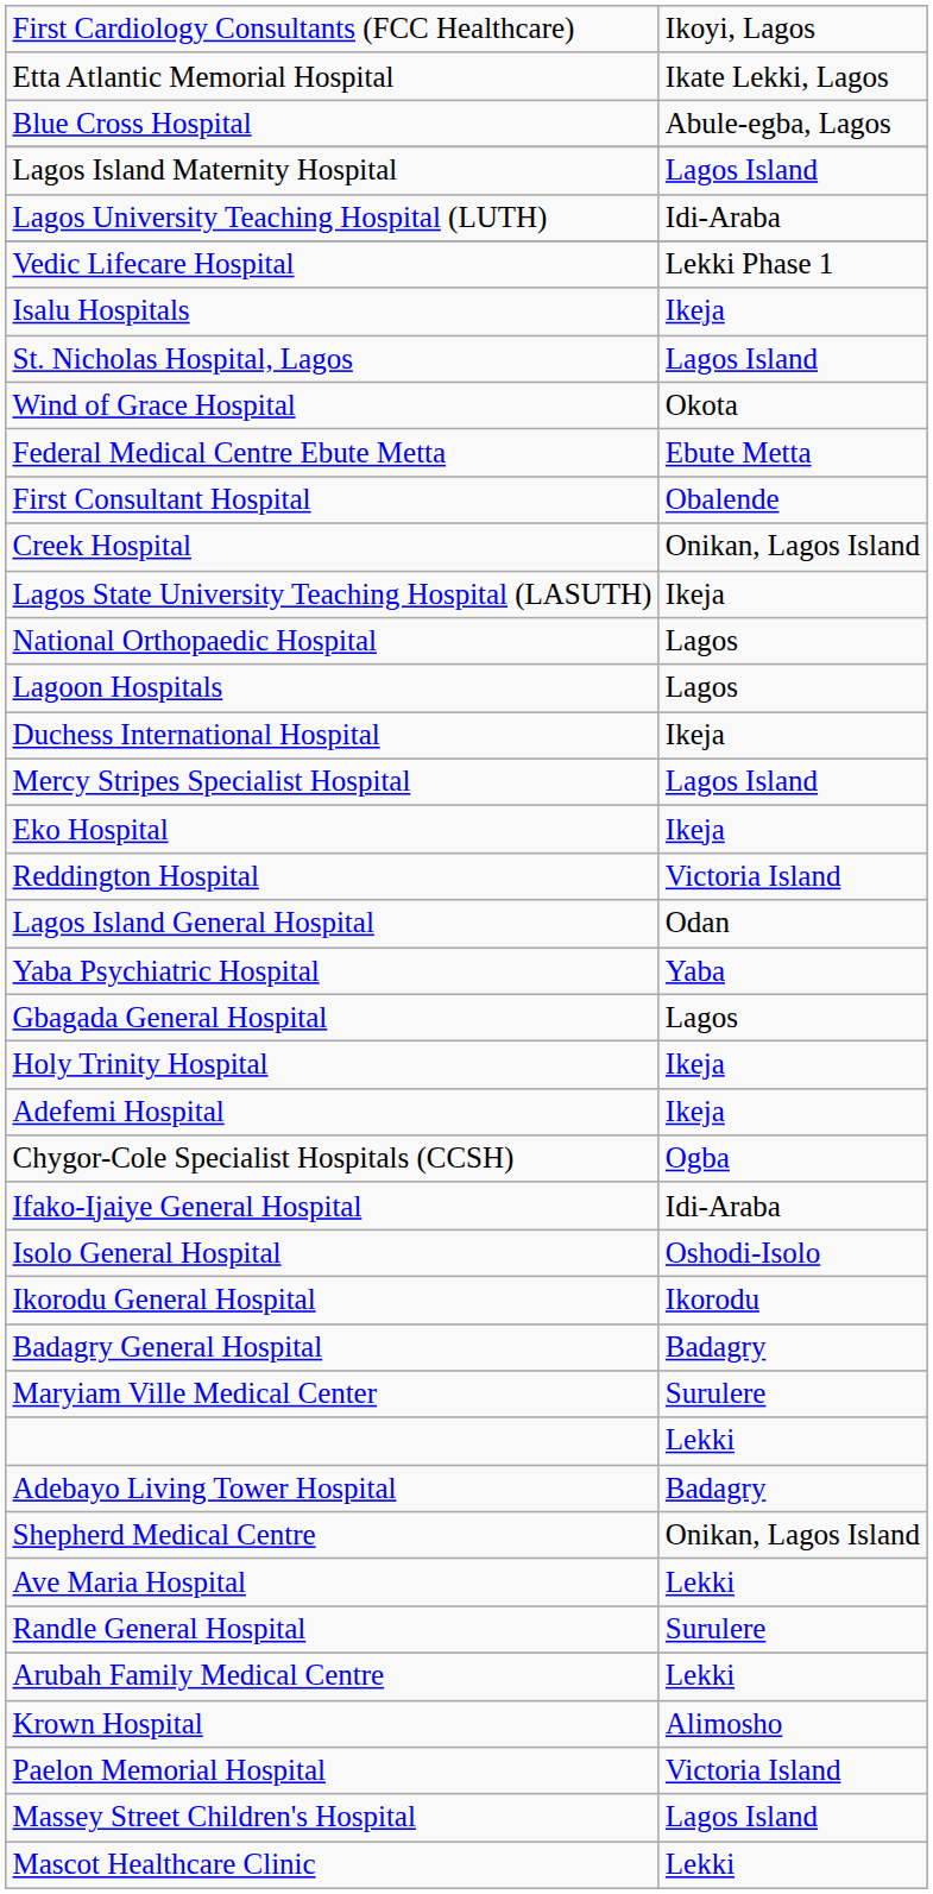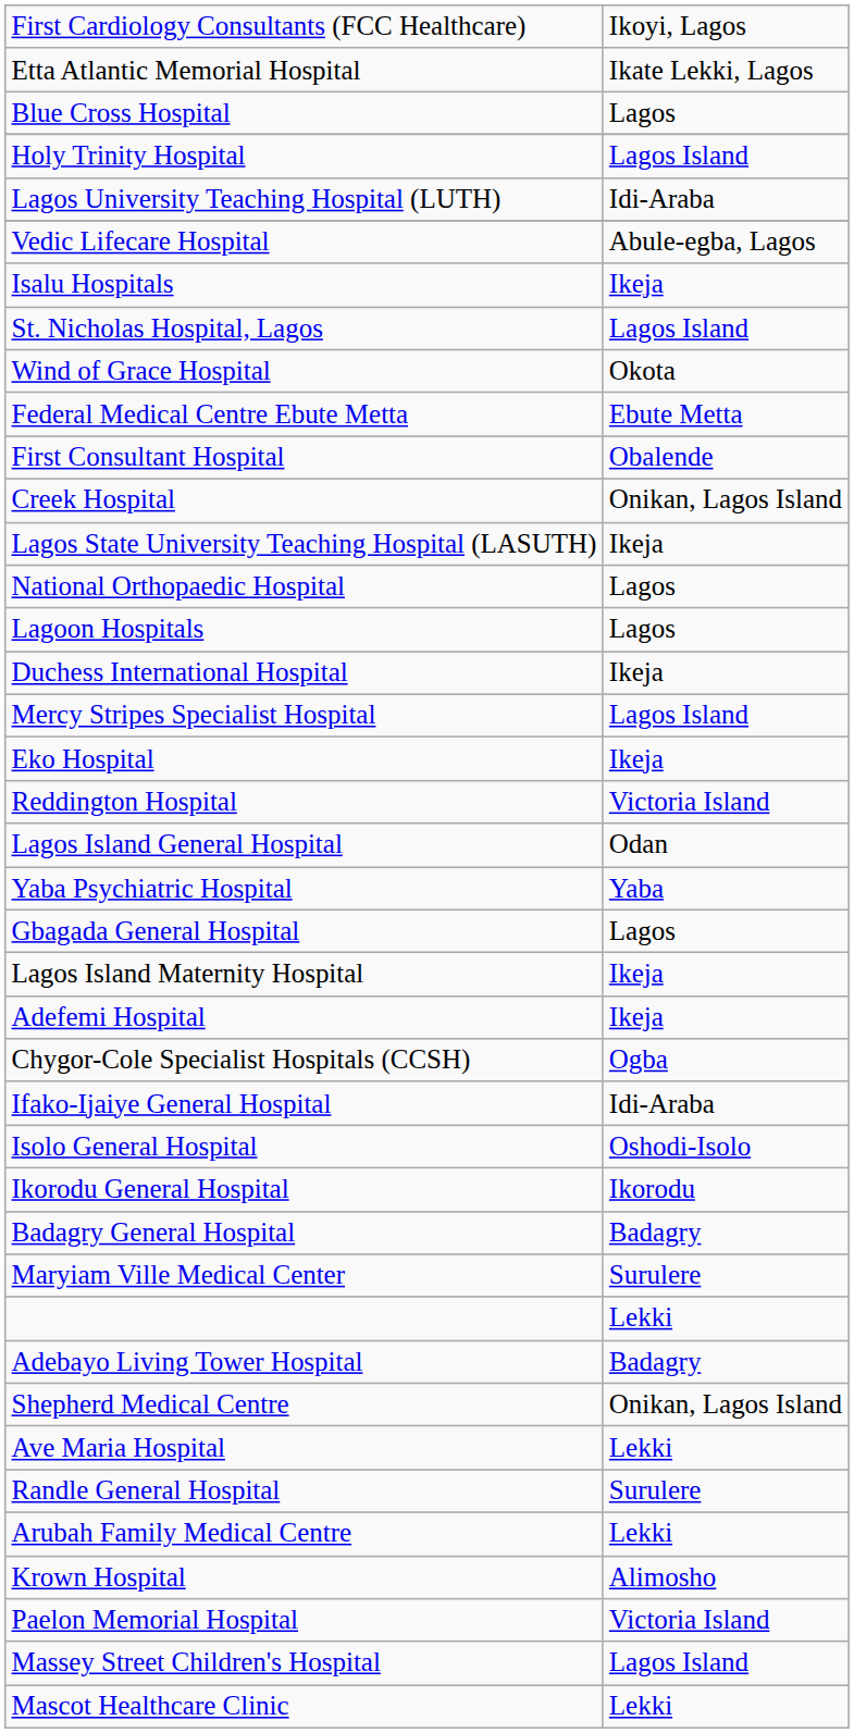 <table class="wikitable sortable">
 <tr>
 <td><a href='#'>First Cardiology Consultants</a> (FCC Healthcare)</td>
 <td>Ikoyi, Lagos</td>
 </tr>
 <tr>
 <td>Etta Atlantic Memorial Hospital </td>
 <td>Ikate Lekki, Lagos</td>
 </tr>
 <tr>
 <td><a href='#'>Blue Cross Hospital</a></td>
-<td>Abule-egba, Lagos</td>
+<td>Lagos</td>
 </tr>
 <tr>
 </tr>
 <tr>
-<td>Lagos Island Maternity Hospital</td>
+<td><a href='#'>Holy Trinity Hospital</a></td>
 <td><a href='#'>Lagos Island</a></td>
 </tr>
 <tr>
 <td><a href='#'>Lagos University Teaching Hospital</a> (LUTH)</td>
 <td>Idi-Araba</td>
 </tr>
 <tr>
 </tr>
 <tr>
 <td><a href='#'>Vedic Lifecare Hospital</a></td>
-<td>Lekki Phase 1</td>
+<td>Abule-egba, Lagos</td>
 </tr>
 <tr>
 <td><a href='#'>Isalu Hospitals</a></td>
 <td><a href='#'>Ikeja</a></td>
 </tr>
 <tr>
 <td><a href='#'>St. Nicholas Hospital, Lagos</a></td>
 <td><a href='#'>Lagos Island</a></td>
 </tr>
 <tr>
 <td><a href='#'>Wind of Grace Hospital</a></td>
 <td>Okota</td>
 </tr>
 <tr>
 <td><a href='#'>Federal Medical Centre Ebute Metta</a></td>
 <td><a href='#'>Ebute Metta</a></td>
 </tr>
 <tr>
 <td><a href='#'>First Consultant Hospital</a></td>
 <td><a href='#'>Obalende</a></td>
 </tr>
 <tr>
 <td><a href='#'>Creek Hospital</a></td>
 <td>Onikan, Lagos Island</td>
 </tr>
 <tr>
 <td><a href='#'>Lagos State University Teaching Hospital</a> (LASUTH)</td>
 <td>Ikeja</td>
 </tr>
 <tr>
 <td><a href='#'>National Orthopaedic Hospital</a></td>
 <td>Lagos</td>
 </tr>
 <tr>
 <td><a href='#'>Lagoon Hospitals</a></td>
 <td>Lagos</td>
 </tr>
 <tr>
 <td><a href='#'>Duchess International Hospital</a></td>
 <td>Ikeja</td>
 </tr>
 <tr>
 <td><a href='#'>Mercy Stripes Specialist Hospital</a></td>
 <td><a href='#'>Lagos Island</a></td>
 </tr>
 <tr>
 <td><a href='#'>Eko Hospital</a></td>
 <td><a href='#'>Ikeja</a></td>
 </tr>
 <tr>
 <td><a href='#'>Reddington Hospital</a></td>
 <td><a href='#'>Victoria Island</a></td>
 </tr>
 <tr>
 <td><a href='#'>Lagos Island General Hospital</a></td>
 <td>Odan</td>
 </tr>
 <tr>
 <td><a href='#'>Yaba Psychiatric Hospital</a></td>
 <td><a href='#'>Yaba</a></td>
 </tr>
 <tr>
 <td><a href='#'>Gbagada General Hospital</a></td>
 <td>Lagos</td>
 </tr>
 <tr>
-<td><a href='#'>Holy Trinity Hospital</a></td>
+<td>Lagos Island Maternity Hospital</td>
 <td><a href='#'>Ikeja</a></td>
 </tr>
 <tr>
 <td><a href='#'>Adefemi Hospital</a></td>
 <td><a href='#'>Ikeja</a></td>
 </tr>
 <tr>
 <td>Chygor-Cole Specialist Hospitals (CCSH)</td>
 <td><a href='#'>Ogba</a></td>
 </tr>
 <tr>
 <td><a href='#'>Ifako-Ijaiye General Hospital</a></td>
 <td>Idi-Araba</td>
 </tr>
 <tr>
 <td><a href='#'>Isolo General Hospital</a></td>
 <td><a href='#'>Oshodi-Isolo</a></td>
 </tr>
 <tr>
 <td><a href='#'>Ikorodu General Hospital</a></td>
 <td><a href='#'>Ikorodu</a></td>
 </tr>
 <tr>
 <td><a href='#'>Badagry General Hospital</a></td>
 <td><a href='#'>Badagry</a></td>
 </tr>
 <tr>
 <td><a href='#'>Maryiam Ville Medical Center</a></td>
 <td><a href='#'>Surulere</a></td>
 </tr>
 <tr>
 <td></td>
 <td><a href='#'>Lekki</a></td>
 </tr>
 <tr>
 <td><a href='#'>Adebayo Living Tower Hospital</a></td>
 <td><a href='#'>Badagry</a></td>
 </tr>
 <tr>
 <td><a href='#'>Shepherd Medical Centre</a></td>
 <td>Onikan, Lagos Island</td>
 </tr>
 <tr>
 <td><a href='#'>Ave Maria Hospital</a></td>
 <td><a href='#'>Lekki</a></td>
 </tr>
 <tr>
 <td><a href='#'>Randle General Hospital</a></td>
 <td><a href='#'>Surulere</a></td>
 </tr>
 <tr>
 <td><a href='#'>Arubah Family Medical Centre</a></td>
 <td><a href='#'>Lekki</a></td>
 </tr>
 <tr>
 <td><a href='#'>Krown Hospital</a></td>
 <td><a href='#'>Alimosho</a></td>
 </tr>
 <tr>
 <td><a href='#'>Paelon Memorial Hospital</a></td>
 <td><a href='#'>Victoria Island</a></td>
 </tr>
 <tr>
 <td><a href='#'>Massey Street Children's Hospital</a></td>
 <td><a href='#'>Lagos Island</a></td>
 </tr>
 <tr>
 <td><a href='#'>Mascot Healthcare Clinic </a></td>
 <td><a href='#'>Lekki</a></td>
 </tr>
 </table>
